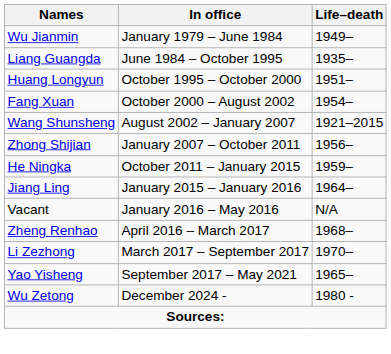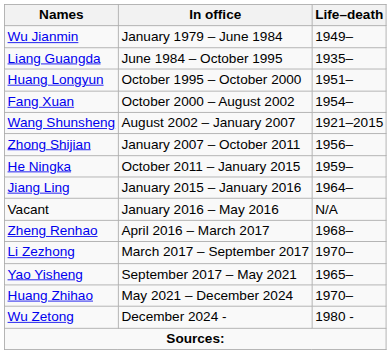 <table class="wikitable">
 <tr>
 <th>Names</th>
 <th>In office</th>
 <th>Life–death</th>
 </tr>
 <tr>
 <td><a href='#'>Wu Jianmin</a></td>
 <td>January 1979 – June 1984</td>
 <td>1949–</td>
 </tr>
 <tr>
 <td><a href='#'>Liang Guangda</a></td>
 <td>June 1984 – October 1995</td>
 <td>1935–</td>
 </tr>
 <tr>
 <td><a href='#'>Huang Longyun</a></td>
 <td>October 1995 – October 2000</td>
 <td>1951–</td>
 </tr>
 <tr>
 <td><a href='#'>Fang Xuan</a></td>
 <td>October 2000 – August 2002</td>
 <td>1954–</td>
 </tr>
 <tr>
 <td><a href='#'>Wang Shunsheng</a></td>
 <td>August 2002 – January 2007</td>
 <td>1921–2015</td>
 </tr>
 <tr>
 <td><a href='#'>Zhong Shijian</a></td>
 <td>January 2007 – October 2011</td>
 <td>1956–</td>
 </tr>
 <tr>
 <td><a href='#'>He Ningka</a></td>
 <td>October 2011 – January 2015</td>
 <td>1959–</td>
 </tr>
 <tr>
 <td><a href='#'>Jiang Ling</a></td>
 <td>January 2015 – January 2016</td>
 <td>1964–</td>
 </tr>
 <tr>
 <td>Vacant</td>
 <td>January 2016 – May 2016</td>
 <td>N/A</td>
 </tr>
 <tr>
 <td><a href='#'>Zheng Renhao</a></td>
 <td>April 2016 – March 2017</td>
 <td>1968–</td>
 </tr>
 <tr>
 <td><a href='#'>Li Zezhong</a></td>
 <td>March 2017 – September 2017</td>
 <td>1970–</td>
 </tr>
 <tr>
 <td><a href='#'>Yao Yisheng</a></td>
 <td>September 2017 – May 2021</td>
 <td>1965–</td>
 </tr>
 <tr>
+<td><a href='#'>Huang Zhihao</a></td>
+<td>May 2021 – December 2024</td>
+<td>1970–</td>
+</tr>
+<tr>
 <td><a href='#'>Wu Zetong</a></td>
 <td>December 2024 -</td>
 <td>1980 -</td>
 </tr>
 <tr>
 <td colspan="3" style="text-align: center;"><strong>Sources:</strong><br>     </td>
 </tr>
 </table>
